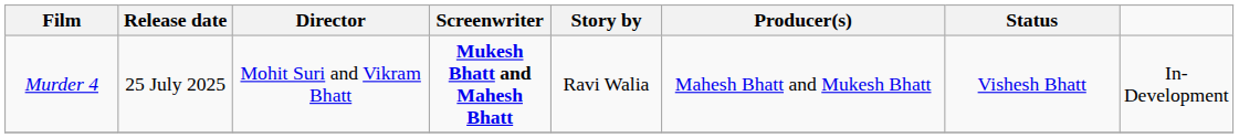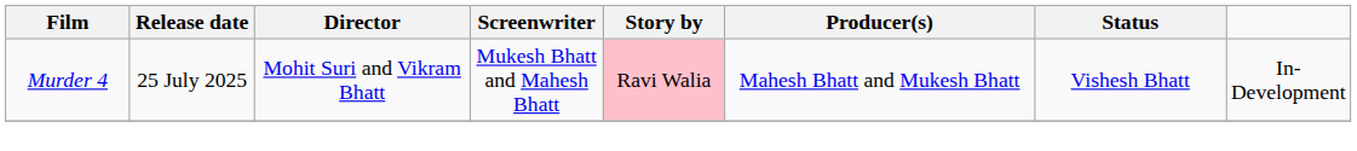 <table class="wikitable plainrowheaders" style="text-align:center; width:80%;">
 <tr>
 <th width=10%>Film</th>
 <th width=10%>Release date</th>
 <th width=18%>Director</th>
 <th width=10%>Screenwriter</th>
 <th width=10%>Story by</th>
 <th width=26%>Producer(s)</th>
 <th width=20%>Status</th>
 </tr>
 <tr>
 <td><em><a href='#'>Murder 4</a></em></td>
 <td>25 July 2025</td>
 <td><a href='#'>Mohit Suri</a> and <a href='#'>Vikram Bhatt</a></td>
-<td><strong><a href='#'>Mukesh Bhatt</a> and <a href='#'>Mahesh Bhatt</a></strong></td>
-<td>Ravi Walia</td>
+<td><a href='#'>Mukesh Bhatt</a> and <a href='#'>Mahesh Bhatt</a></td>
+<td style="background: pink;">Ravi Walia</td>
 <td><a href='#'>Mahesh Bhatt</a> and <a href='#'>Mukesh Bhatt</a></td>
 <td><a href='#'>Vishesh Bhatt</a></td>
 <td>In- Development</td>
 </tr>
 <tr>
 </tr>
 </table>
